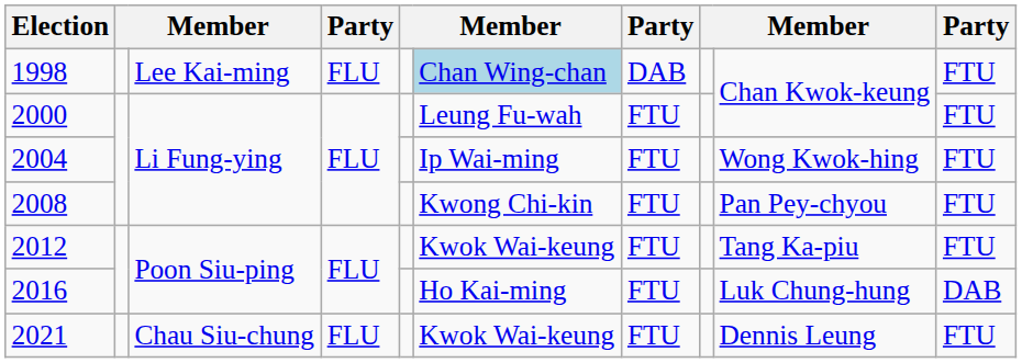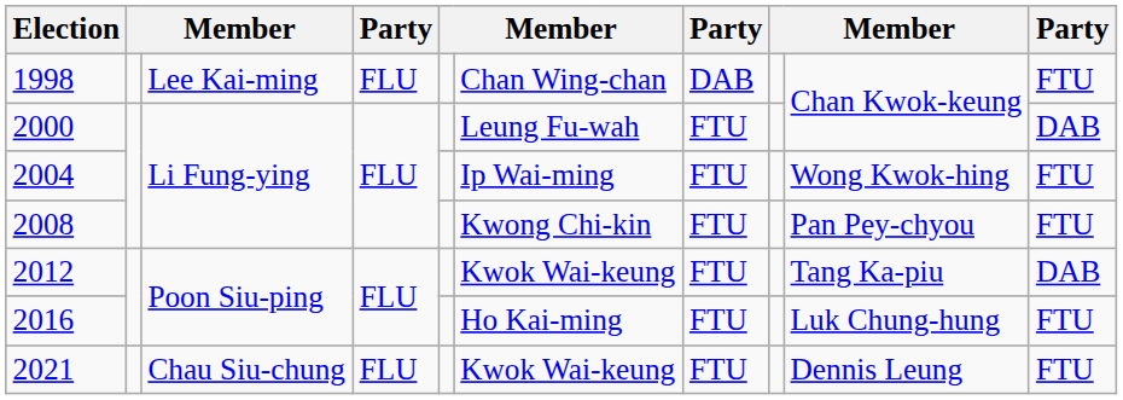 <table class="wikitable">
 <tr>
 <th>Election</th>
 <th colspan=2>Member</th>
 <th>Party</th>
 <th colspan="2">Member</th>
 <th>Party</th>
 <th colspan="2">Member</th>
 <th>Party</th>
 </tr>
 <tr>
 <td><a href='#'>1998</a></td>
 <td style="background-color: "></td>
 <td><a href='#'>Lee Kai-ming</a></td>
 <td><a href='#'>FLU</a></td>
 <td style="background-color: "></td>
-<td style="background: lightblue;"><a href='#'>Chan Wing-chan</a></td>
+<td><a href='#'>Chan Wing-chan</a></td>
 <td><a href='#'>DAB</a></td>
 <td style="background-color: "></td>
 <td rowspan=2><a href='#'>Chan Kwok-keung</a></td>
 <td><a href='#'>FTU</a></td>
 </tr>
 <tr>
 <td><a href='#'>2000</a></td>
 <td rowspan=3 style="background-color: "></td>
 <td rowspan=3><a href='#'>Li Fung-ying</a></td>
 <td rowspan=3><a href='#'>FLU</a></td>
 <td style="background-color: "></td>
 <td><a href='#'>Leung Fu-wah</a></td>
 <td><a href='#'>FTU</a></td>
 <td style="background-color: "></td>
-<td><a href='#'>FTU</a></td>
+<td><a href='#'>DAB</a></td>
 </tr>
 <tr>
 <td><a href='#'>2004</a></td>
 <td style="background-color: "></td>
 <td><a href='#'>Ip Wai-ming</a></td>
 <td><a href='#'>FTU</a></td>
 <td style="background-color: "></td>
 <td><a href='#'>Wong Kwok-hing</a></td>
 <td><a href='#'>FTU</a></td>
 </tr>
 <tr>
 <td><a href='#'>2008</a></td>
 <td style="background-color: "></td>
 <td><a href='#'>Kwong Chi-kin</a></td>
 <td><a href='#'>FTU</a></td>
 <td style="background-color: "></td>
 <td><a href='#'>Pan Pey-chyou</a></td>
 <td><a href='#'>FTU</a></td>
 </tr>
 <tr>
 <td><a href='#'>2012</a></td>
 <td rowspan=2 style="background-color: "></td>
 <td rowspan=2><a href='#'>Poon Siu-ping</a></td>
 <td rowspan=2><a href='#'>FLU</a></td>
 <td style="background-color: "></td>
 <td><a href='#'>Kwok Wai-keung</a></td>
 <td><a href='#'>FTU</a></td>
 <td style="background-color: "></td>
 <td><a href='#'>Tang Ka-piu</a></td>
-<td><a href='#'>FTU</a></td>
+<td><a href='#'>DAB</a></td>
 </tr>
 <tr>
 <td><a href='#'>2016</a></td>
 <td style="background-color: "></td>
 <td><a href='#'>Ho Kai-ming</a></td>
 <td><a href='#'>FTU</a></td>
 <td style="background-color: "></td>
 <td><a href='#'>Luk Chung-hung</a></td>
-<td><a href='#'>DAB</a></td>
+<td><a href='#'>FTU</a></td>
 </tr>
 <tr>
 <td><a href='#'>2021</a></td>
 <td rowspan=2 style="background-color: "></td>
 <td rowspan=2><a href='#'>Chau Siu-chung</a></td>
 <td rowspan=2><a href='#'>FLU</a></td>
 <td style="background-color: "></td>
 <td><a href='#'>Kwok Wai-keung</a></td>
 <td><a href='#'>FTU</a></td>
 <td style="background-color: "></td>
 <td><a href='#'>Dennis Leung</a></td>
 <td><a href='#'>FTU</a></td>
 </tr>
 </table>
